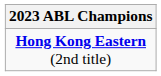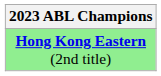 <table class="wikitable" style="text-align: center; margin: 0 auto;">
 <tr>
 <th>2023 ABL Champions</th>
 </tr>
 <tr>
-<td><strong><a href='#'>Hong Kong Eastern</a></strong><br> (2nd title)</td>
+<td style="background: lightgreen;"><strong><a href='#'>Hong Kong Eastern</a></strong><br> (2nd title)</td>
 </tr>
 </table>
